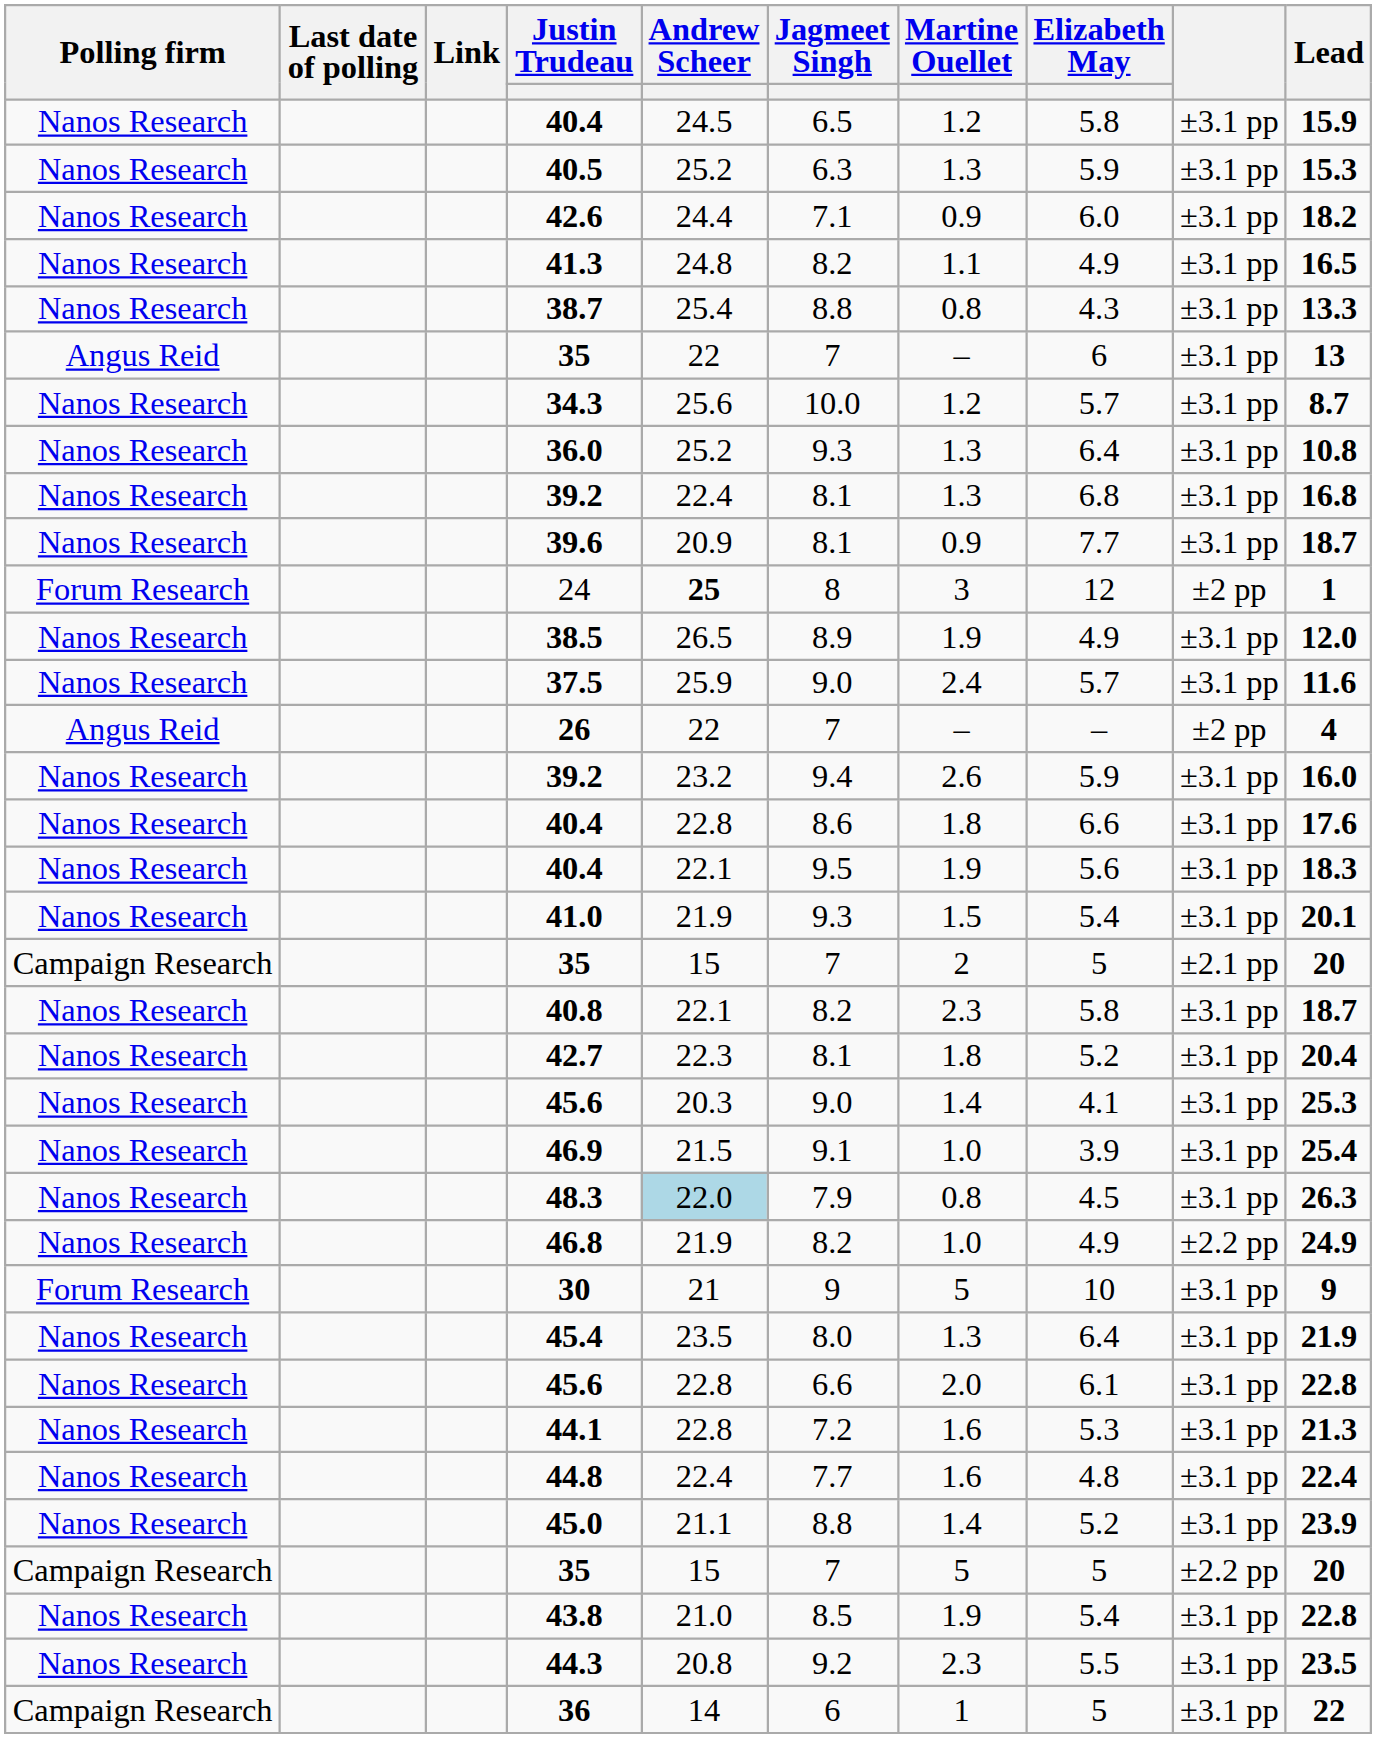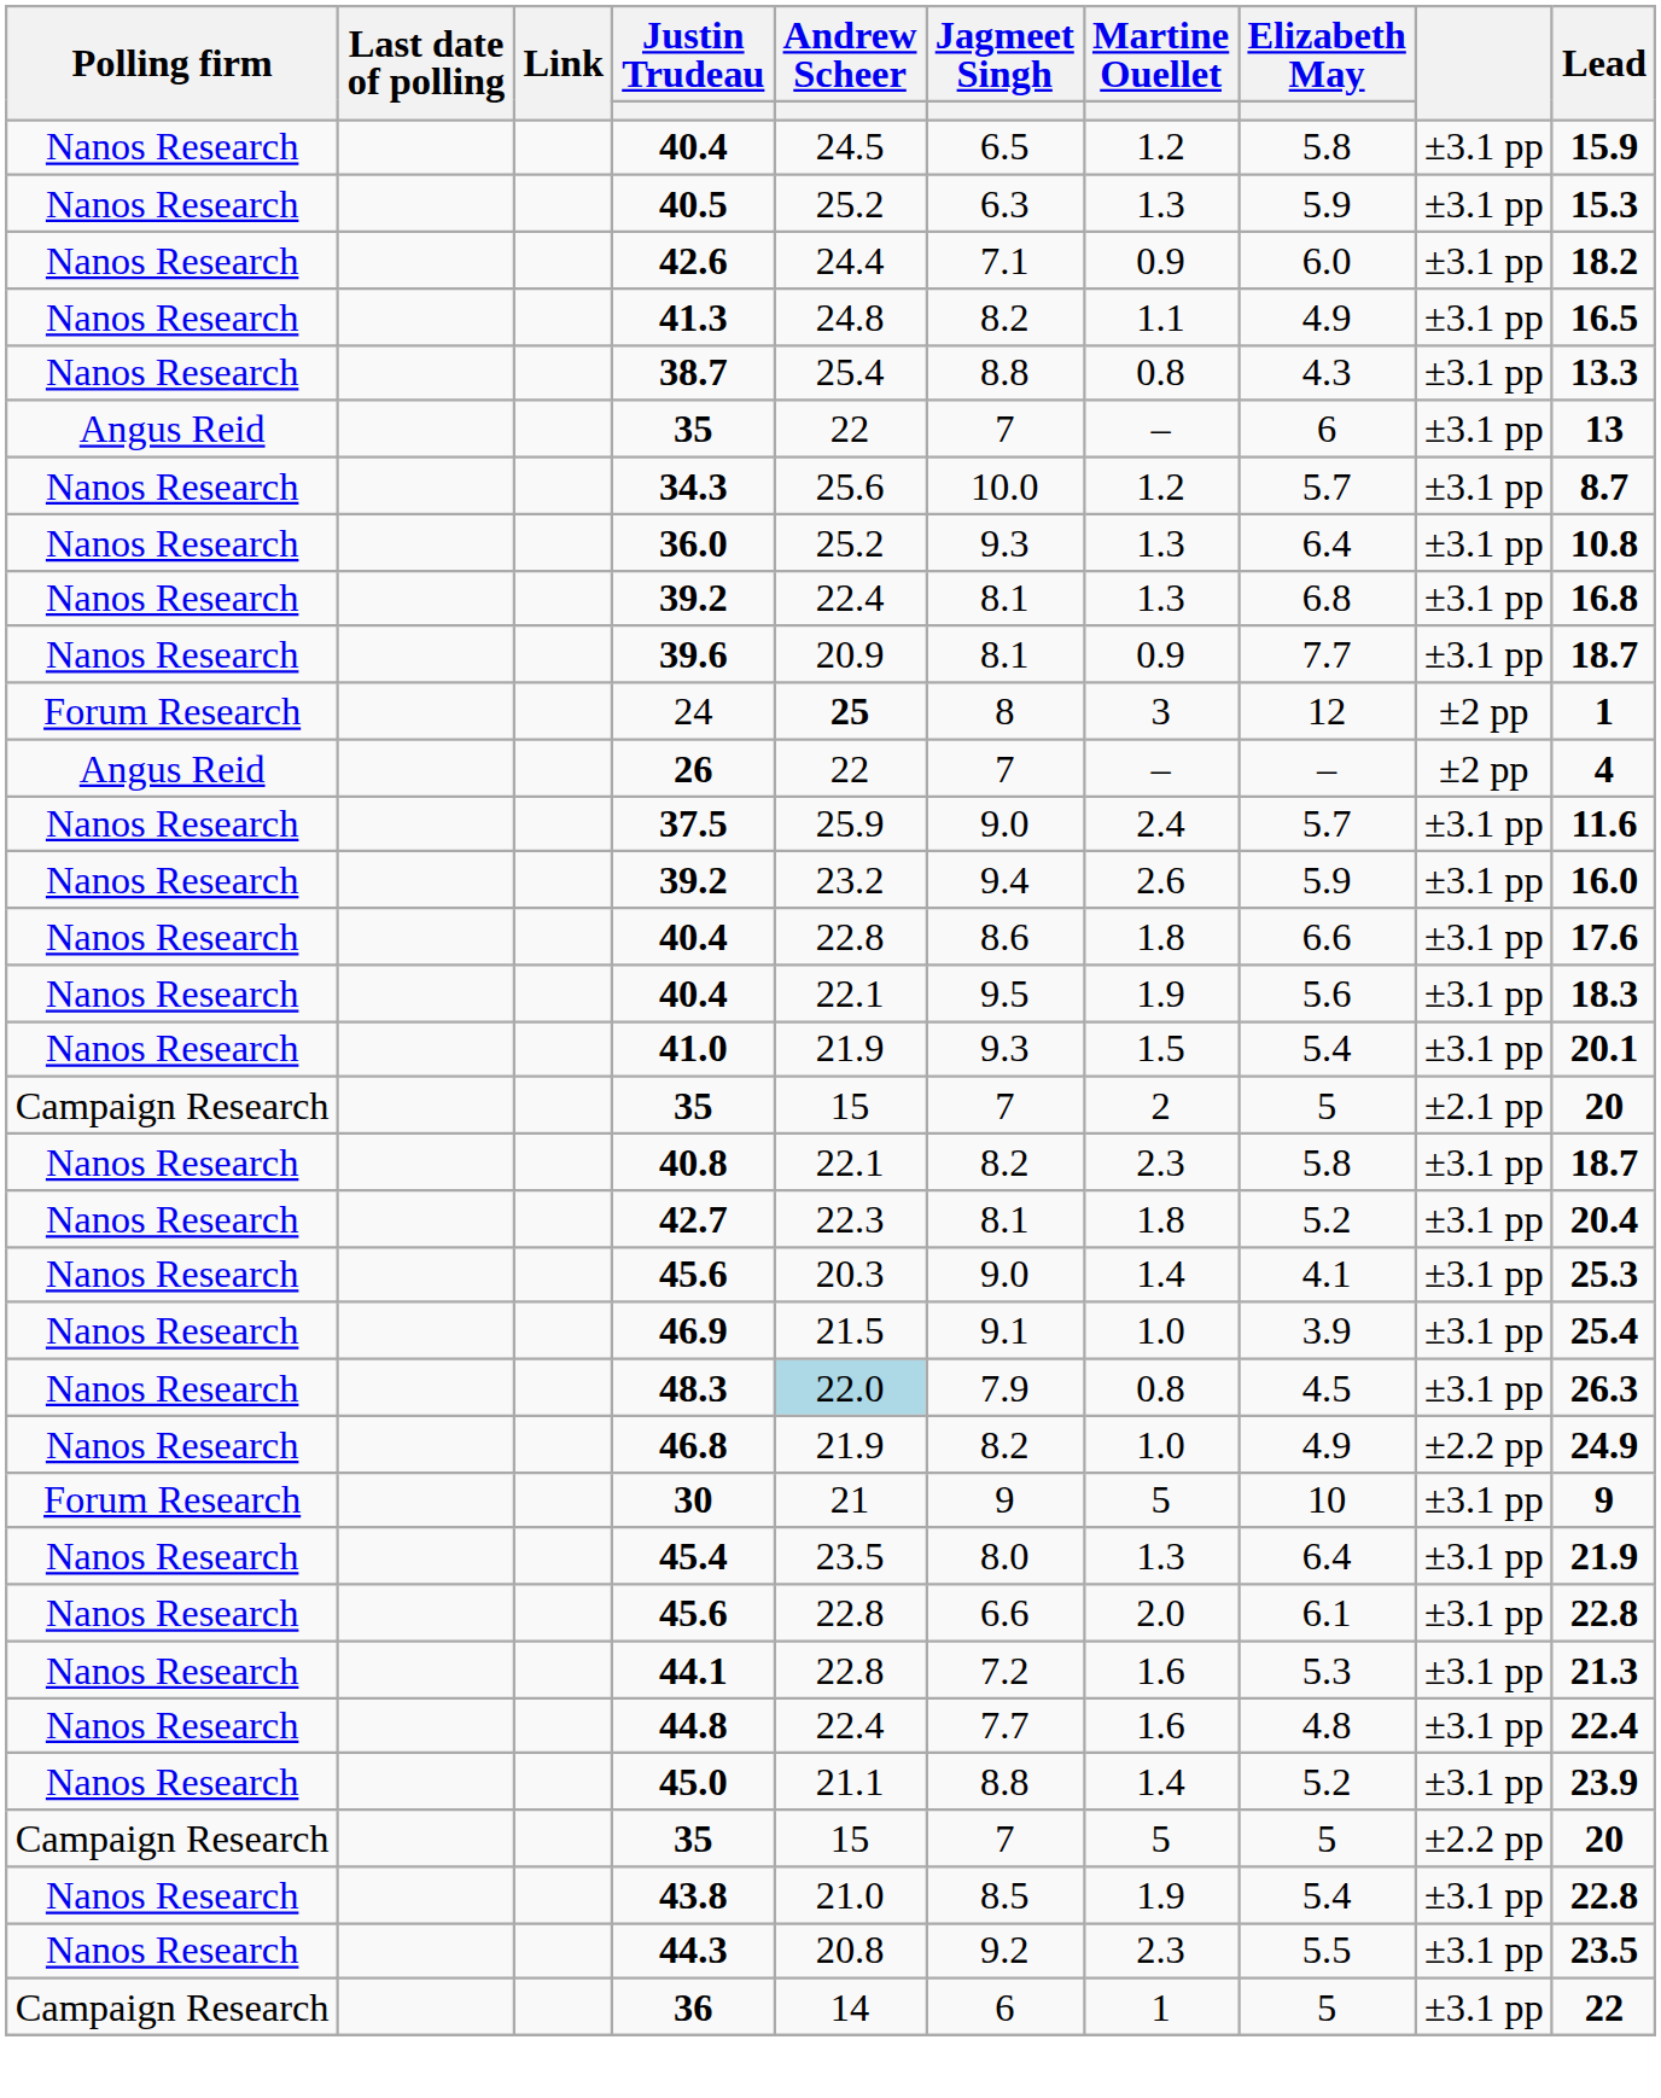 <table class="wikitable sortable mw-datatable" style="text-align:center;font-size:90%;line-height:14px;">
 <tr>
 <th rowspan="2">Polling firm</th>
 <th rowspan="2">Last date<br>of polling</th>
 <th rowspan="2">Link</th>
 <th class="unsortable" style="width:40px;"><a href='#'>Justin Trudeau</a></th>
 <th class="unsortable" style="width:40px;"><a href='#'>Andrew Scheer</a></th>
 <th class="unsortable" style="width:40px;"><a href='#'>Jagmeet Singh</a></th>
 <th class="unsortable" style="width:40px;"><a href='#'>Martine Ouellet</a></th>
 <th class="unsortable" style="width:40px;"><a href='#'>Elizabeth May</a></th>
 <th rowspan="2"></th>
 <th rowspan="2">Lead</th>
 </tr>
 <tr style="background:#e9e9e9;">
 <th style="background-color:"></th>
 <th style="background-color:"></th>
 <th style="background-color:"></th>
 <th style="background-color:"></th>
 <th style="background-color:"></th>
 </tr>
 <tr>
 <td><a href='#'>Nanos Research</a></td>
 <td></td>
 <td></td>
 <td><strong>40.4</strong></td>
 <td>24.5</td>
 <td>6.5</td>
 <td>1.2</td>
 <td>5.8</td>
 <td>±3.1 pp</td>
 <td><strong>15.9</strong></td>
 </tr>
 <tr>
 <td><a href='#'>Nanos Research</a></td>
 <td></td>
 <td></td>
 <td><strong>40.5</strong></td>
 <td>25.2</td>
 <td>6.3</td>
 <td>1.3</td>
 <td>5.9</td>
 <td>±3.1 pp</td>
 <td><strong>15.3</strong></td>
 </tr>
 <tr>
 <td><a href='#'>Nanos Research</a></td>
 <td></td>
 <td></td>
 <td><strong>42.6</strong></td>
 <td>24.4</td>
 <td>7.1</td>
 <td>0.9</td>
 <td>6.0</td>
 <td>±3.1 pp</td>
 <td><strong>18.2</strong></td>
 </tr>
 <tr>
 <td><a href='#'>Nanos Research</a></td>
 <td></td>
 <td></td>
 <td><strong>41.3</strong></td>
 <td>24.8</td>
 <td>8.2</td>
 <td>1.1</td>
 <td>4.9</td>
 <td>±3.1 pp</td>
 <td><strong>16.5</strong></td>
 </tr>
 <tr>
 <td><a href='#'>Nanos Research</a></td>
 <td></td>
 <td></td>
 <td><strong>38.7</strong></td>
 <td>25.4</td>
 <td>8.8</td>
 <td>0.8</td>
 <td>4.3</td>
 <td>±3.1 pp</td>
 <td><strong>13.3</strong></td>
 </tr>
 <tr>
 <td><a href='#'>Angus Reid</a></td>
 <td></td>
 <td></td>
 <td><strong>35</strong></td>
 <td>22</td>
 <td>7</td>
 <td>–</td>
 <td>6</td>
 <td>±3.1 pp</td>
 <td><strong>13</strong></td>
 </tr>
 <tr>
 <td><a href='#'>Nanos Research</a></td>
 <td></td>
 <td></td>
 <td><strong>34.3</strong></td>
 <td>25.6</td>
 <td>10.0</td>
 <td>1.2</td>
 <td>5.7</td>
 <td>±3.1 pp</td>
 <td><strong>8.7</strong></td>
 </tr>
 <tr>
 <td><a href='#'>Nanos Research</a></td>
 <td></td>
 <td></td>
 <td><strong>36.0</strong></td>
 <td>25.2</td>
 <td>9.3</td>
 <td>1.3</td>
 <td>6.4</td>
 <td>±3.1 pp</td>
 <td><strong>10.8</strong></td>
 </tr>
 <tr>
 <td><a href='#'>Nanos Research</a></td>
 <td></td>
 <td></td>
 <td><strong>39.2</strong></td>
 <td>22.4</td>
 <td>8.1</td>
 <td>1.3</td>
 <td>6.8</td>
 <td>±3.1 pp</td>
 <td><strong>16.8</strong></td>
 </tr>
 <tr>
 <td><a href='#'>Nanos Research</a></td>
 <td></td>
 <td></td>
 <td><strong>39.6</strong></td>
 <td>20.9</td>
 <td>8.1</td>
 <td>0.9</td>
 <td>7.7</td>
 <td>±3.1 pp</td>
 <td><strong>18.7</strong></td>
 </tr>
 <tr>
 <td><a href='#'>Forum Research</a></td>
 <td></td>
 <td></td>
 <td>24</td>
 <td><strong>25</strong></td>
 <td>8</td>
 <td>3</td>
 <td>12</td>
 <td>±2 pp</td>
 <td><strong>1</strong></td>
 </tr>
 <tr>
-<td><a href='#'>Nanos Research</a></td>
+<td><a href='#'>Angus Reid</a></td>
 <td></td>
 <td></td>
-<td><strong>38.5</strong></td>
-<td>26.5</td>
-<td>8.9</td>
-<td>1.9</td>
-<td>4.9</td>
-<td>±3.1 pp</td>
-<td><strong>12.0</strong></td>
+<td><strong>26</strong></td>
+<td>22</td>
+<td>7</td>
+<td>–</td>
+<td>–</td>
+<td>±2 pp</td>
+<td><strong>4</strong></td>
 </tr>
 <tr>
 <td><a href='#'>Nanos Research</a></td>
 <td></td>
 <td></td>
 <td><strong>37.5</strong></td>
 <td>25.9</td>
 <td>9.0</td>
 <td>2.4</td>
 <td>5.7</td>
 <td>±3.1 pp</td>
 <td><strong>11.6</strong></td>
-</tr>
-<tr>
-<td><a href='#'>Angus Reid</a></td>
-<td></td>
-<td></td>
-<td><strong>26</strong></td>
-<td>22</td>
-<td>7</td>
-<td>–</td>
-<td>–</td>
-<td>±2 pp</td>
-<td><strong>4</strong></td>
 </tr>
 <tr>
 <td><a href='#'>Nanos Research</a></td>
 <td></td>
 <td></td>
 <td><strong>39.2</strong></td>
 <td>23.2</td>
 <td>9.4</td>
 <td>2.6</td>
 <td>5.9</td>
 <td>±3.1 pp</td>
 <td><strong>16.0</strong></td>
 </tr>
 <tr>
 <td><a href='#'>Nanos Research</a></td>
 <td></td>
 <td></td>
 <td><strong>40.4</strong></td>
 <td>22.8</td>
 <td>8.6</td>
 <td>1.8</td>
 <td>6.6</td>
 <td>±3.1 pp</td>
 <td><strong>17.6</strong></td>
 </tr>
 <tr>
 <td><a href='#'>Nanos Research</a></td>
 <td></td>
 <td></td>
 <td><strong>40.4</strong></td>
 <td>22.1</td>
 <td>9.5</td>
 <td>1.9</td>
 <td>5.6</td>
 <td>±3.1 pp</td>
 <td><strong>18.3</strong></td>
 </tr>
 <tr>
 <td><a href='#'>Nanos Research</a></td>
 <td></td>
 <td></td>
 <td><strong>41.0</strong></td>
 <td>21.9</td>
 <td>9.3</td>
 <td>1.5</td>
 <td>5.4</td>
 <td>±3.1 pp</td>
 <td><strong>20.1</strong></td>
 </tr>
 <tr>
 <td>Campaign Research</td>
 <td></td>
 <td></td>
 <td><strong>35</strong></td>
 <td>15</td>
 <td>7</td>
 <td>2</td>
 <td>5</td>
 <td>±2.1 pp</td>
 <td><strong>20</strong></td>
 </tr>
 <tr>
 <td><a href='#'>Nanos Research</a></td>
 <td></td>
 <td></td>
 <td><strong>40.8</strong></td>
 <td>22.1</td>
 <td>8.2</td>
 <td>2.3</td>
 <td>5.8</td>
 <td>±3.1 pp</td>
 <td><strong>18.7</strong></td>
 </tr>
 <tr>
 <td><a href='#'>Nanos Research</a></td>
 <td></td>
 <td></td>
 <td><strong>42.7</strong></td>
 <td>22.3</td>
 <td>8.1</td>
 <td>1.8</td>
 <td>5.2</td>
 <td>±3.1 pp</td>
 <td><strong>20.4</strong></td>
 </tr>
 <tr>
 <td><a href='#'>Nanos Research</a></td>
 <td></td>
 <td></td>
 <td><strong>45.6</strong></td>
 <td>20.3</td>
 <td>9.0</td>
 <td>1.4</td>
 <td>4.1</td>
 <td>±3.1 pp</td>
 <td><strong>25.3</strong></td>
 </tr>
 <tr>
 <td><a href='#'>Nanos Research</a></td>
 <td></td>
 <td></td>
 <td><strong>46.9</strong></td>
 <td>21.5</td>
 <td>9.1</td>
 <td>1.0</td>
 <td>3.9</td>
 <td>±3.1 pp</td>
 <td><strong>25.4</strong></td>
 </tr>
 <tr>
 <td><a href='#'>Nanos Research</a></td>
 <td></td>
 <td></td>
 <td><strong>48.3</strong></td>
 <td style="background: lightblue;">22.0</td>
 <td>7.9</td>
 <td>0.8</td>
 <td>4.5</td>
 <td>±3.1 pp</td>
 <td><strong>26.3</strong></td>
 </tr>
 <tr>
 <td><a href='#'>Nanos Research</a></td>
 <td></td>
 <td></td>
 <td><strong>46.8</strong></td>
 <td>21.9</td>
 <td>8.2</td>
 <td>1.0</td>
 <td>4.9</td>
 <td>±2.2 pp</td>
 <td><strong>24.9</strong></td>
 </tr>
 <tr>
 <td><a href='#'>Forum Research</a></td>
 <td></td>
 <td></td>
 <td><strong>30</strong></td>
 <td>21</td>
 <td>9</td>
 <td>5</td>
 <td>10</td>
 <td>±3.1 pp</td>
 <td><strong>9</strong></td>
 </tr>
 <tr>
 <td><a href='#'>Nanos Research</a></td>
 <td></td>
 <td></td>
 <td><strong>45.4</strong></td>
 <td>23.5</td>
 <td>8.0</td>
 <td>1.3</td>
 <td>6.4</td>
 <td>±3.1 pp</td>
 <td><strong>21.9</strong></td>
 </tr>
 <tr>
 <td><a href='#'>Nanos Research</a></td>
 <td></td>
 <td></td>
 <td><strong>45.6</strong></td>
 <td>22.8</td>
 <td>6.6</td>
 <td>2.0</td>
 <td>6.1</td>
 <td>±3.1 pp</td>
 <td><strong>22.8</strong></td>
 </tr>
 <tr>
 <td><a href='#'>Nanos Research</a></td>
 <td></td>
 <td></td>
 <td><strong>44.1</strong></td>
 <td>22.8</td>
 <td>7.2</td>
 <td>1.6</td>
 <td>5.3</td>
 <td>±3.1 pp</td>
 <td><strong>21.3</strong></td>
 </tr>
 <tr>
 <td><a href='#'>Nanos Research</a></td>
 <td></td>
 <td></td>
 <td><strong>44.8</strong></td>
 <td>22.4</td>
 <td>7.7</td>
 <td>1.6</td>
 <td>4.8</td>
 <td>±3.1 pp</td>
 <td><strong>22.4</strong></td>
 </tr>
 <tr>
 <td><a href='#'>Nanos Research</a></td>
 <td></td>
 <td></td>
 <td><strong>45.0</strong></td>
 <td>21.1</td>
 <td>8.8</td>
 <td>1.4</td>
 <td>5.2</td>
 <td>±3.1 pp</td>
 <td><strong>23.9</strong></td>
 </tr>
 <tr>
 <td>Campaign Research</td>
 <td></td>
 <td></td>
 <td><strong>35</strong></td>
 <td>15</td>
 <td>7</td>
 <td>5</td>
 <td>5</td>
 <td>±2.2 pp</td>
 <td><strong>20</strong></td>
 </tr>
 <tr>
 <td><a href='#'>Nanos Research</a></td>
 <td></td>
 <td></td>
 <td><strong>43.8</strong></td>
 <td>21.0</td>
 <td>8.5</td>
 <td>1.9</td>
 <td>5.4</td>
 <td>±3.1 pp</td>
 <td><strong>22.8</strong></td>
 </tr>
 <tr>
 <td><a href='#'>Nanos Research</a></td>
 <td></td>
 <td></td>
 <td><strong>44.3</strong></td>
 <td>20.8</td>
 <td>9.2</td>
 <td>2.3</td>
 <td>5.5</td>
 <td>±3.1 pp</td>
 <td><strong>23.5</strong></td>
 </tr>
 <tr>
 <td>Campaign Research</td>
 <td></td>
 <td></td>
 <td><strong>36</strong></td>
 <td>14</td>
 <td>6</td>
 <td>1</td>
 <td>5</td>
 <td>±3.1 pp</td>
 <td><strong>22</strong></td>
 </tr>
 <tr>
 </tr>
 </table>
